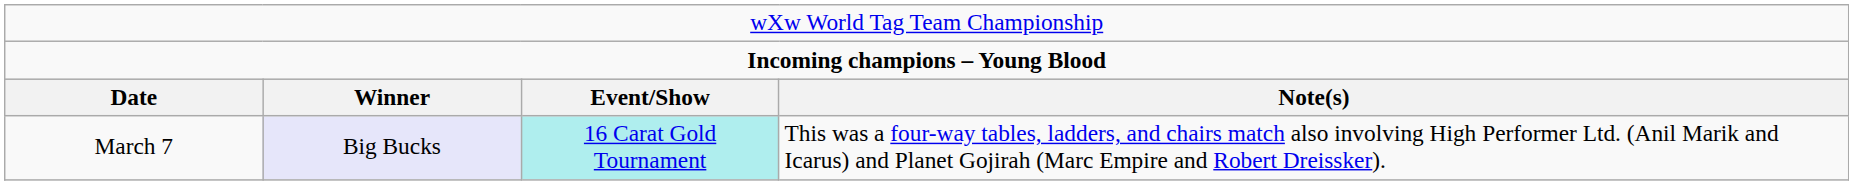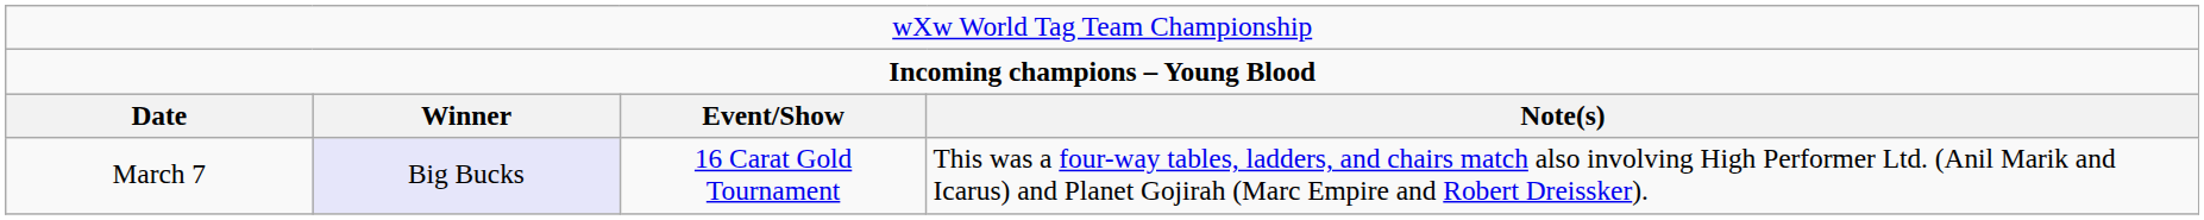 <table class="wikitable" style="text-align:center; width:100%;">
 <tr>
 <td colspan="4" style="text-align: center;"><a href='#'>wXw World Tag Team Championship</a></td>
 </tr>
 <tr>
 <td colspan="4" style="text-align: center;"><strong>Incoming champions – Young Blood </strong></td>
 </tr>
 <tr>
 <th width="14%">Date</th>
 <th width="14%">Winner</th>
 <th width="14%">Event/Show</th>
 <th width="58%">Note(s)</th>
 </tr>
 <tr>
 <td>March 7</td>
 <td style="background: lavender;">Big Bucks<br></td>
-<td style="background: paleturquoise;"><a href='#'>16 Carat Gold Tournament</a><br></td>
+<td><a href='#'>16 Carat Gold Tournament</a><br></td>
 <td align=left>This was a <a href='#'>four-way tables, ladders, and chairs match</a> also involving High Performer Ltd. (Anil Marik and Icarus) and Planet Gojirah (Marc Empire and <a href='#'>Robert Dreissker</a>).</td>
 </tr>
 </table>
